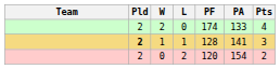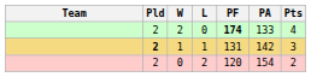 <table class="wikitable" style="text-align:center;">
 <tr>
 <th width=170>Team</th>
 <th width=25>Pld</th>
 <th width=25>W</th>
 <th width=25>L</th>
 <th width=35>PF</th>
 <th width=35>PA</th>
 <th width=25>Pts</th>
 </tr>
 <tr bgcolor=#ccffcc>
 <td align="left"></td>
 <td>2</td>
 <td>2</td>
 <td>0</td>
-<td>174</td>
+<td><strong>174</strong></td>
 <td>133</td>
 <td>4</td>
 </tr>
 <tr bgcolor=#F5DA81>
 <td align="left"></td>
 <td><strong>2</strong></td>
 <td>1</td>
 <td>1</td>
-<td>128</td>
-<td>141</td>
+<td>131</td>
+<td>142</td>
 <td>3</td>
 </tr>
 <tr bgcolor=#ffcccc>
 <td align="left"></td>
 <td>2</td>
 <td>0</td>
 <td>2</td>
 <td>120</td>
 <td>154</td>
 <td>2</td>
 </tr>
 </table>
